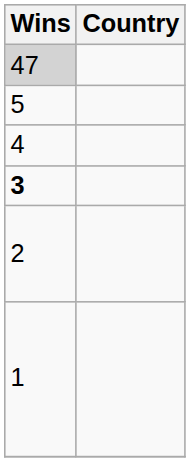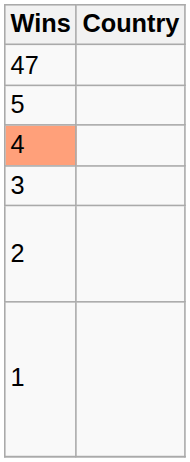 <table class="wikitable">
 <tr>
 <th>Wins</th>
 <th>Country</th>
 </tr>
 <tr>
-<td style="background: lightgrey;">47</td>
+<td>47</td>
 <td></td>
 </tr>
 <tr>
 <td>5</td>
 <td></td>
 </tr>
 <tr>
-<td>4</td>
+<td style="background: lightsalmon;">4</td>
 <td></td>
 </tr>
 <tr>
-<td><strong>3</strong></td>
+<td>3</td>
 <td><br></td>
 </tr>
 <tr>
 <td>2</td>
 <td><br><br><br></td>
 </tr>
 <tr>
 <td>1</td>
 <td><br><br><br><br><br></td>
 </tr>
 <tr>
 </tr>
 </table>
